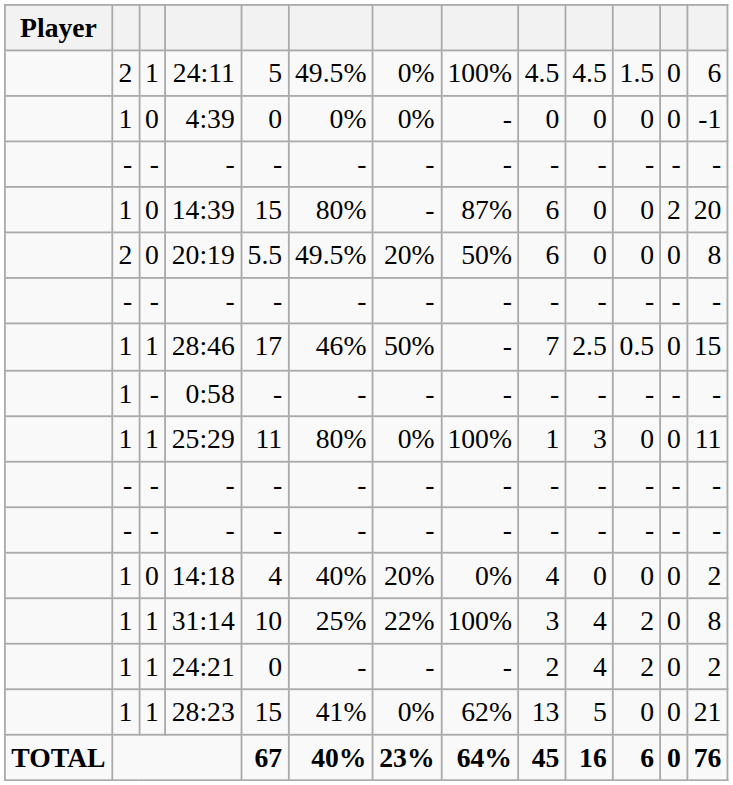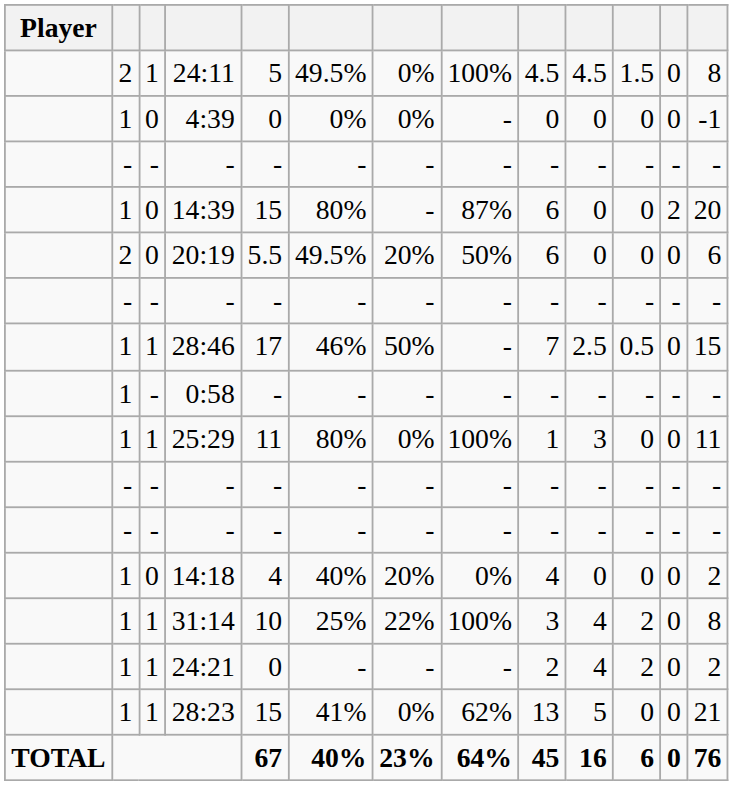 <table class="wikitable sortable" style="font-size:95%; text-align:right;">
 <tr>
 <th>Player</th>
 <th></th>
 <th></th>
 <th></th>
 <th></th>
 <th></th>
 <th></th>
 <th></th>
 <th></th>
 <th></th>
 <th></th>
 <th></th>
 <th></th>
 </tr>
 <tr>
 <td><strong></strong></td>
 <td>2</td>
 <td>1</td>
 <td>24:11</td>
 <td>5</td>
 <td>49.5%</td>
 <td>0%</td>
 <td>100%</td>
 <td>4.5</td>
 <td>4.5</td>
 <td>1.5</td>
 <td>0</td>
-<td>6</td>
+<td>8</td>
 </tr>
 <tr>
 <td><strong></strong></td>
 <td>1</td>
 <td>0</td>
 <td>4:39</td>
 <td>0</td>
 <td>0%</td>
 <td>0%</td>
 <td>-</td>
 <td>0</td>
 <td>0</td>
 <td>0</td>
 <td>0</td>
 <td>-1</td>
 </tr>
 <tr>
 <td><strong></strong></td>
 <td>-</td>
 <td>-</td>
 <td>-</td>
 <td>-</td>
 <td>-</td>
 <td>-</td>
 <td>-</td>
 <td>-</td>
 <td>-</td>
 <td>-</td>
 <td>-</td>
 <td>-</td>
 </tr>
 <tr>
 <td><strong></strong></td>
 <td>1</td>
 <td>0</td>
 <td>14:39</td>
 <td>15</td>
 <td>80%</td>
 <td>-</td>
 <td>87%</td>
 <td>6</td>
 <td>0</td>
 <td>0</td>
 <td>2</td>
 <td>20</td>
 </tr>
 <tr>
 <td><strong></strong></td>
 <td>2</td>
 <td>0</td>
 <td>20:19</td>
 <td>5.5</td>
 <td>49.5%</td>
 <td>20%</td>
 <td>50%</td>
 <td>6</td>
 <td>0</td>
 <td>0</td>
 <td>0</td>
-<td>8</td>
+<td>6</td>
 </tr>
 <tr>
 <td><strong></strong></td>
 <td>-</td>
 <td>-</td>
 <td>-</td>
 <td>-</td>
 <td>-</td>
 <td>-</td>
 <td>-</td>
 <td>-</td>
 <td>-</td>
 <td>-</td>
 <td>-</td>
 <td>-</td>
 </tr>
 <tr>
 <td><strong></strong></td>
 <td>1</td>
 <td>1</td>
 <td>28:46</td>
 <td>17</td>
 <td>46%</td>
 <td>50%</td>
 <td>-</td>
 <td>7</td>
 <td>2.5</td>
 <td>0.5</td>
 <td>0</td>
 <td>15</td>
 </tr>
 <tr>
 <td><strong></strong></td>
 <td>1</td>
 <td>-</td>
 <td>0:58</td>
 <td>-</td>
 <td>-</td>
 <td>-</td>
 <td>-</td>
 <td>-</td>
 <td>-</td>
 <td>-</td>
 <td>-</td>
 <td>-</td>
 </tr>
 <tr>
 <td><strong></strong></td>
 <td>1</td>
 <td>1</td>
 <td>25:29</td>
 <td>11</td>
 <td>80%</td>
 <td>0%</td>
 <td>100%</td>
 <td>1</td>
 <td>3</td>
 <td>0</td>
 <td>0</td>
 <td>11</td>
 </tr>
 <tr>
 <td><strong></strong></td>
 <td>-</td>
 <td>-</td>
 <td>-</td>
 <td>-</td>
 <td>-</td>
 <td>-</td>
 <td>-</td>
 <td>-</td>
 <td>-</td>
 <td>-</td>
 <td>-</td>
 <td>-</td>
 </tr>
 <tr>
 <td><strong></strong></td>
 <td>-</td>
 <td>-</td>
 <td>-</td>
 <td>-</td>
 <td>-</td>
 <td>-</td>
 <td>-</td>
 <td>-</td>
 <td>-</td>
 <td>-</td>
 <td>-</td>
 <td>-</td>
 </tr>
 <tr>
 <td><strong></strong></td>
 <td>1</td>
 <td>0</td>
 <td>14:18</td>
 <td>4</td>
 <td>40%</td>
 <td>20%</td>
 <td>0%</td>
 <td>4</td>
 <td>0</td>
 <td>0</td>
 <td>0</td>
 <td>2</td>
 </tr>
 <tr>
 <td><strong></strong></td>
 <td>1</td>
 <td>1</td>
 <td>31:14</td>
 <td>10</td>
 <td>25%</td>
 <td>22%</td>
 <td>100%</td>
 <td>3</td>
 <td>4</td>
 <td>2</td>
 <td>0</td>
 <td>8</td>
 </tr>
 <tr>
 <td><strong></strong></td>
 <td>1</td>
 <td>1</td>
 <td>24:21</td>
 <td>0</td>
 <td>-</td>
 <td>-</td>
 <td>-</td>
 <td>2</td>
 <td>4</td>
 <td>2</td>
 <td>0</td>
 <td>2</td>
 </tr>
 <tr>
 <td><strong></strong></td>
 <td>1</td>
 <td>1</td>
 <td>28:23</td>
 <td>15</td>
 <td>41%</td>
 <td>0%</td>
 <td>62%</td>
 <td>13</td>
 <td>5</td>
 <td>0</td>
 <td>0</td>
 <td>21</td>
 </tr>
 <tr>
 <td align=center><strong>TOTAL</strong></td>
 <td colspan=3></td>
 <td><strong>67</strong></td>
 <td><strong>40%</strong></td>
 <td><strong>23%</strong></td>
 <td><strong>64%</strong></td>
 <td><strong>45</strong></td>
 <td><strong>16</strong></td>
 <td><strong>6</strong></td>
 <td><strong>0</strong></td>
 <td><strong>76</strong></td>
 </tr>
 </table>
